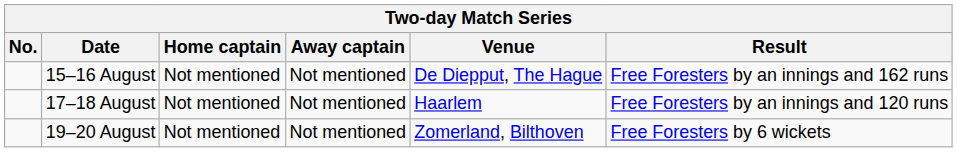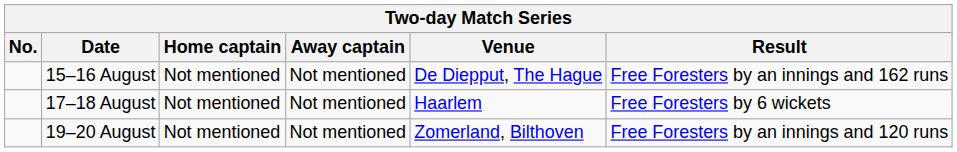 <table class="wikitable">
 <tr>
 <th colspan="9">Two-day Match Series</th>
 </tr>
 <tr>
 <th>No.</th>
 <th>Date</th>
 <th>Home captain</th>
 <th>Away captain</th>
 <th>Venue</th>
 <th>Result</th>
 </tr>
 <tr>
 <td></td>
 <td>15–16 August</td>
 <td>Not mentioned</td>
 <td>Not mentioned</td>
 <td><a href='#'>De Diepput</a>, <a href='#'>The Hague</a></td>
 <td><a href='#'>Free Foresters</a> by an innings and 162 runs</td>
 </tr>
 <tr>
 <td></td>
 <td>17–18 August</td>
 <td>Not mentioned</td>
 <td>Not mentioned</td>
 <td><a href='#'>Haarlem</a></td>
-<td><a href='#'>Free Foresters</a> by an innings and 120 runs</td>
+<td><a href='#'>Free Foresters</a> by 6 wickets</td>
 </tr>
 <tr>
 <td></td>
 <td>19–20 August</td>
 <td>Not mentioned</td>
 <td>Not mentioned</td>
 <td><a href='#'>Zomerland</a>, <a href='#'>Bilthoven</a></td>
-<td><a href='#'>Free Foresters</a> by 6 wickets</td>
+<td><a href='#'>Free Foresters</a> by an innings and 120 runs</td>
 </tr>
 </table>
